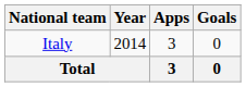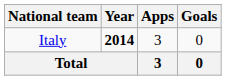 <table class="wikitable" style="text-align:center">
 <tr>
 <th>National team</th>
 <th>Year</th>
 <th>Apps</th>
 <th>Goals</th>
 </tr>
 <tr>
 <td><a href='#'>Italy</a></td>
-<td>2014</td>
+<td><strong>2014</strong></td>
 <td>3</td>
 <td>0</td>
 </tr>
 <tr>
 <th colspan="2">Total</th>
 <th>3</th>
 <th>0</th>
 </tr>
 </table>
